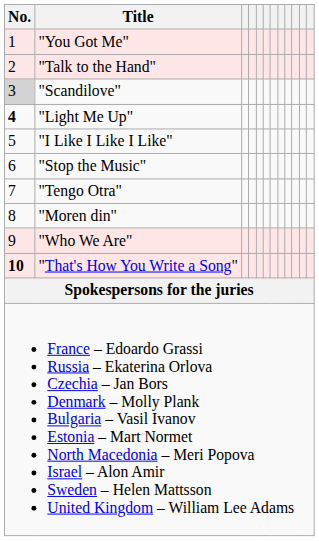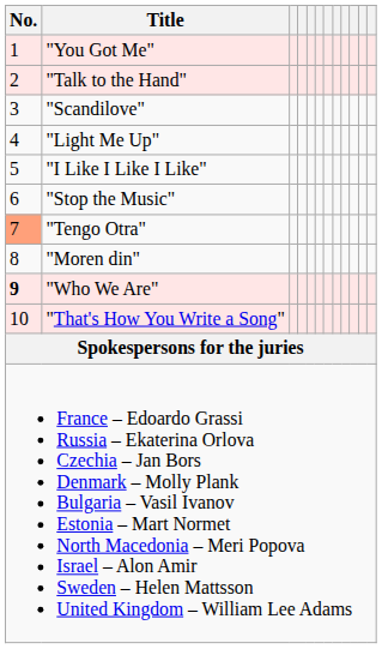 <table class="sortable wikitable">
 <tr>
 <th>No.</th>
 <th>Title</th>
 <th></th>
 <th></th>
 <th></th>
 <th></th>
 <th></th>
 <th></th>
 <th></th>
 <th></th>
 <th></th>
 <th></th>
 </tr>
 <tr bgcolor="#FFE6E6">
 <td>1</td>
 <td>"You Got Me"</td>
 <td align="center"></td>
 <td></td>
 <td></td>
 <td></td>
 <td></td>
 <td></td>
 <td></td>
 <td></td>
 <td></td>
 <td align="center"></td>
 </tr>
 <tr bgcolor="#FFE6E6">
 <td>2</td>
 <td>"Talk to the Hand"</td>
 <td></td>
 <td></td>
 <td></td>
 <td></td>
 <td></td>
 <td></td>
 <td></td>
 <td align="center"></td>
 <td></td>
 <td></td>
 </tr>
 <tr>
-<td style="background: lightgrey;">3</td>
+<td>3</td>
 <td>"Scandilove"</td>
 <td></td>
 <td></td>
 <td></td>
 <td></td>
 <td></td>
 <td></td>
 <td></td>
 <td></td>
 <td></td>
 <td></td>
 </tr>
 <tr>
-<td><strong>4</strong></td>
+<td>4</td>
 <td>"Light Me Up"</td>
 <td></td>
 <td></td>
 <td></td>
 <td></td>
 <td></td>
 <td></td>
 <td></td>
 <td></td>
 <td></td>
 <td></td>
 </tr>
 <tr>
 <td>5</td>
 <td>"I Like I Like I Like"</td>
 <td></td>
 <td></td>
 <td></td>
 <td></td>
 <td></td>
 <td></td>
 <td></td>
 <td></td>
 <td></td>
 <td></td>
 </tr>
 <tr>
 <td>6</td>
 <td>"Stop the Music"</td>
 <td></td>
 <td></td>
 <td></td>
 <td></td>
 <td></td>
 <td></td>
 <td></td>
 <td></td>
 <td></td>
 <td></td>
 </tr>
 <tr>
-<td>7</td>
+<td style="background: lightsalmon;">7</td>
 <td>"Tengo Otra"</td>
 <td></td>
 <td></td>
 <td></td>
 <td></td>
 <td></td>
 <td></td>
 <td></td>
 <td></td>
 <td></td>
 <td></td>
 </tr>
 <tr>
 <td>8</td>
 <td>"Moren din"</td>
 <td></td>
 <td></td>
 <td></td>
 <td></td>
 <td></td>
 <td></td>
 <td></td>
 <td></td>
 <td></td>
 <td></td>
 </tr>
 <tr bgcolor="#FFE6E6">
-<td>9</td>
+<td><strong>9</strong></td>
 <td>"Who We Are"</td>
 <td></td>
 <td></td>
 <td></td>
 <td align="center"></td>
 <td align="center"></td>
 <td></td>
 <td></td>
 <td></td>
 <td align="center"></td>
 <td></td>
 </tr>
 <tr bgcolor="#FFE6E6">
-<td><strong>10</strong></td>
+<td>10</td>
 <td>"<a href='#'>That's How You Write a Song</a>"</td>
 <td></td>
 <td align="center"></td>
 <td align="center"></td>
 <td></td>
 <td></td>
 <td align="center"></td>
 <td align="center"></td>
 <td></td>
 <td></td>
 <td></td>
 </tr>
 <tr>
 <th colspan="12">Spokespersons for the juries</th>
 </tr>
 <tr class="sortbottom">
 <td colspan="12"><br><ul><li><a href='#'>France</a> – Edoardo Grassi</li><li><a href='#'>Russia</a> – Ekaterina Orlova</li><li><a href='#'>Czechia</a> – Jan Bors</li><li><a href='#'>Denmark</a> – Molly Plank</li><li><a href='#'>Bulgaria</a> – Vasil Ivanov</li><li><a href='#'>Estonia</a> – Mart Normet</li><li><a href='#'>North Macedonia</a> – Meri Popova</li><li><a href='#'>Israel</a> – Alon Amir</li><li><a href='#'>Sweden</a> – Helen Mattsson</li><li><a href='#'>United Kingdom</a> – William Lee Adams</li></ul></td>
 </tr>
 </table>
